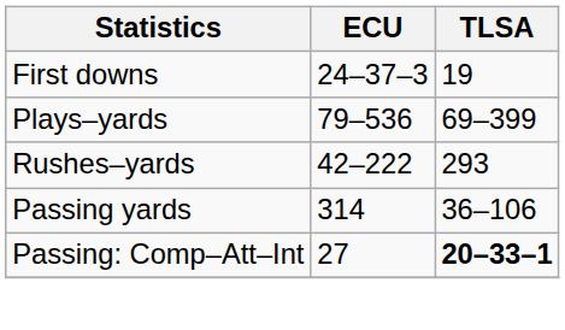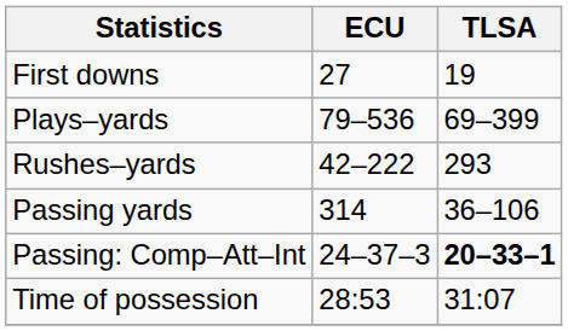 <table class="wikitable" style="float: left;">
 <tr>
 <th>Statistics</th>
 <th>ECU</th>
 <th>TLSA</th>
 </tr>
 <tr>
 <td>First downs</td>
-<td>24–37–3</td>
+<td>27</td>
 <td>19</td>
 </tr>
 <tr>
 <td>Plays–yards</td>
 <td>79–536</td>
 <td>69–399</td>
 </tr>
 <tr>
 <td>Rushes–yards</td>
 <td>42–222</td>
 <td>293</td>
 </tr>
 <tr>
 <td>Passing yards</td>
 <td>314</td>
 <td>36–106</td>
 </tr>
 <tr>
 <td>Passing: Comp–Att–Int</td>
-<td>27</td>
+<td>24–37–3</td>
 <td><strong>20–33–1</strong></td>
+</tr>
+<tr>
+<td>Time of possession</td>
+<td>28:53</td>
+<td>31:07</td>
 </tr>
 <tr>
 </tr>
 </table>
